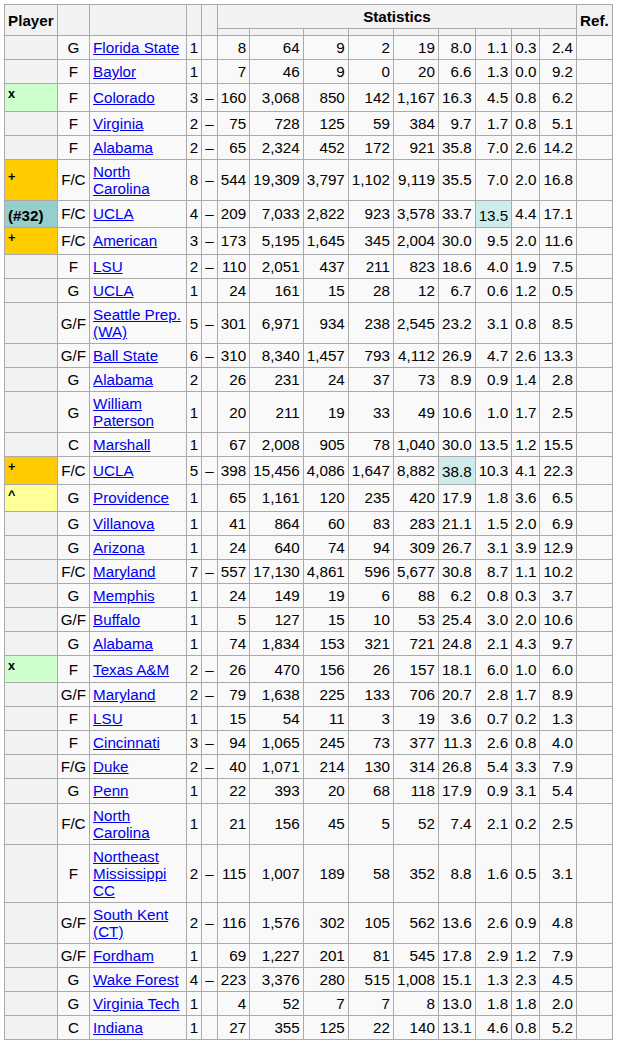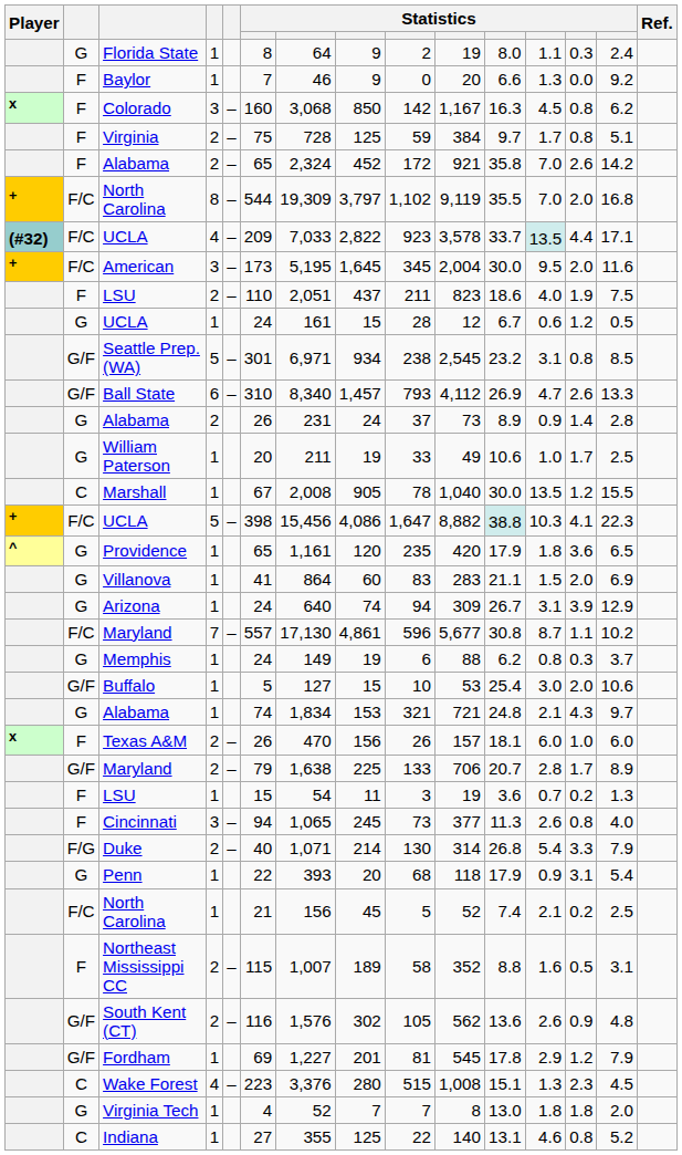 <table class="wikitable sortable" style="font-size:95%; text-align:right;">
 <tr>
 <th scope=col rowspan="2">Player</th>
 <th scope=col rowspan="2"></th>
 <th scope=col rowspan="2"></th>
 <th scope=col rowspan="2"></th>
 <th scope=col rowspan="2"></th>
 <th scope=colgroup colspan="9">Statistics</th>
 <th scope=col rowspan="2">Ref.</th>
 </tr>
 <tr>
 <th scope=col></th>
 <th scope=col></th>
 <th scope=col></th>
 <th scope=col></th>
 <th scope=col></th>
 <th scope=col></th>
 <th scope=col></th>
 <th scope=col></th>
 <th scope=col></th>
 </tr>
 <tr>
 <th scope=row style="text-align:left;"></th>
 <td align="center">G</td>
 <td align="left"><a href='#'>Florida State</a></td>
 <td align="center">1</td>
 <td align="center"></td>
 <td>8</td>
 <td>64</td>
 <td>9</td>
 <td>2</td>
 <td>19</td>
 <td>8.0</td>
 <td>1.1</td>
 <td>0.3</td>
 <td>2.4</td>
 <td align=center></td>
 </tr>
 <tr>
 <th scope=row style="text-align:left;"></th>
 <td align="center">F</td>
 <td align="left"><a href='#'>Baylor</a></td>
 <td align="center">1</td>
 <td align="center"></td>
 <td>7</td>
 <td>46</td>
 <td>9</td>
 <td>0</td>
 <td>20</td>
 <td>6.6</td>
 <td>1.3</td>
 <td>0.0</td>
 <td>9.2</td>
 <td align=center></td>
 </tr>
 <tr>
 <th scope=row style="text-align:left; background-color:#CCFFCC;"><sup>x</sup></th>
 <td align="center">F</td>
 <td align="left"><a href='#'>Colorado</a></td>
 <td align="center">3</td>
 <td align="center">–</td>
 <td>160</td>
 <td>3,068</td>
 <td>850</td>
 <td>142</td>
 <td>1,167</td>
 <td>16.3</td>
 <td>4.5</td>
 <td>0.8</td>
 <td>6.2</td>
 <td align=center></td>
 </tr>
 <tr>
 <th scope=row style="text-align:left;"></th>
 <td align="center">F</td>
 <td align="left"><a href='#'>Virginia</a></td>
 <td align="center">2</td>
 <td align="center">–</td>
 <td>75</td>
 <td>728</td>
 <td>125</td>
 <td>59</td>
 <td>384</td>
 <td>9.7</td>
 <td>1.7</td>
 <td>0.8</td>
 <td>5.1</td>
 <td align=center></td>
 </tr>
 <tr>
 <th scope=row style="text-align:left;"></th>
 <td align="center">F</td>
 <td align="left"><a href='#'>Alabama</a></td>
 <td align="center">2</td>
 <td align="center">–</td>
 <td>65</td>
 <td>2,324</td>
 <td>452</td>
 <td>172</td>
 <td>921</td>
 <td>35.8</td>
 <td>7.0</td>
 <td>2.6</td>
 <td>14.2</td>
 <td align=center></td>
 </tr>
 <tr>
 <th scope=row style="text-align:left; background-color:#FFCC00;"><sup>+</sup></th>
 <td align="center">F/C</td>
 <td align="left"><a href='#'>North Carolina</a></td>
 <td align="center">8</td>
 <td align="center">–</td>
 <td>544</td>
 <td>19,309</td>
 <td>3,797</td>
 <td>1,102</td>
 <td>9,119</td>
 <td>35.5</td>
 <td>7.0</td>
 <td>2.0</td>
 <td>16.8</td>
 <td align=center></td>
 </tr>
 <tr>
 <th scope=row style="text-align:left; background-color:#96CDCD;"><sup></sup> (#32)</th>
 <td align="center">F/C</td>
 <td align="left"><a href='#'>UCLA</a></td>
 <td align="center">4</td>
 <td align="center">–</td>
 <td>209</td>
 <td>7,033</td>
 <td>2,822</td>
 <td>923</td>
 <td>3,578</td>
 <td>33.7</td>
 <td bgcolor="#CFECEC">13.5<sup></sup></td>
 <td>4.4</td>
 <td>17.1</td>
 <td align=center></td>
 </tr>
 <tr>
 <th scope=row style="text-align:left; background-color:#FFCC00;"><sup>+</sup></th>
 <td align="center">F/C</td>
 <td align="left"><a href='#'>American</a></td>
 <td align="center">3</td>
 <td align="center">–</td>
 <td>173</td>
 <td>5,195</td>
 <td>1,645</td>
 <td>345</td>
 <td>2,004</td>
 <td>30.0</td>
 <td>9.5</td>
 <td>2.0</td>
 <td>11.6</td>
 <td align=center></td>
 </tr>
 <tr>
 <th scope=row style="text-align:left;"></th>
 <td align="center">F</td>
 <td align="left"><a href='#'>LSU</a></td>
 <td align="center">2</td>
 <td align="center">–</td>
 <td>110</td>
 <td>2,051</td>
 <td>437</td>
 <td>211</td>
 <td>823</td>
 <td>18.6</td>
 <td>4.0</td>
 <td>1.9</td>
 <td>7.5</td>
 <td align=center></td>
 </tr>
 <tr>
 <th scope=row style="text-align:left;"></th>
 <td align="center">G</td>
 <td align="left"><a href='#'>UCLA</a></td>
 <td align="center">1</td>
 <td align="center"></td>
 <td>24</td>
 <td>161</td>
 <td>15</td>
 <td>28</td>
 <td>12</td>
 <td>6.7</td>
 <td>0.6</td>
 <td>1.2</td>
 <td>0.5</td>
 <td align=center></td>
 </tr>
 <tr>
 <th scope=row style="text-align:left;"></th>
 <td align="center">G/F</td>
 <td align="left"><a href='#'>Seattle Prep. (WA)</a></td>
 <td align="center">5</td>
 <td align="center">–</td>
 <td>301</td>
 <td>6,971</td>
 <td>934</td>
 <td>238</td>
 <td>2,545</td>
 <td>23.2</td>
 <td>3.1</td>
 <td>0.8</td>
 <td>8.5</td>
 <td align=center></td>
 </tr>
 <tr>
 <th scope=row style="text-align:left;"></th>
 <td align="center">G/F</td>
 <td align="left"><a href='#'>Ball State</a></td>
 <td align="center">6</td>
 <td align="center">–</td>
 <td>310</td>
 <td>8,340</td>
 <td>1,457</td>
 <td>793</td>
 <td>4,112</td>
 <td>26.9</td>
 <td>4.7</td>
 <td>2.6</td>
 <td>13.3</td>
 <td align=center></td>
 </tr>
 <tr>
 <th scope=row style="text-align:left;"></th>
 <td align="center">G</td>
 <td align="left"><a href='#'>Alabama</a></td>
 <td align="center">2</td>
 <td align="center"><br></td>
 <td>26</td>
 <td>231</td>
 <td>24</td>
 <td>37</td>
 <td>73</td>
 <td>8.9</td>
 <td>0.9</td>
 <td>1.4</td>
 <td>2.8</td>
 <td align=center></td>
 </tr>
 <tr>
 <th scope=row style="text-align:left;"></th>
 <td align="center">G</td>
 <td align="left"><a href='#'>William Paterson</a></td>
 <td align="center">1</td>
 <td align="center"></td>
 <td>20</td>
 <td>211</td>
 <td>19</td>
 <td>33</td>
 <td>49</td>
 <td>10.6</td>
 <td>1.0</td>
 <td>1.7</td>
 <td>2.5</td>
 <td align=center></td>
 </tr>
 <tr>
 <th scope=row style="text-align:left;"></th>
 <td align="center">C</td>
 <td align="left"><a href='#'>Marshall</a></td>
 <td align="center">1</td>
 <td align="center"></td>
 <td>67</td>
 <td>2,008</td>
 <td>905</td>
 <td>78</td>
 <td>1,040</td>
 <td>30.0</td>
 <td>13.5</td>
 <td>1.2</td>
 <td>15.5</td>
 <td align=center></td>
 </tr>
 <tr>
 <th scope=row style="text-align:left; background-color:#FFCC00;"><sup>+</sup></th>
 <td align="center">F/C</td>
 <td align="left"><a href='#'>UCLA</a></td>
 <td align="center">5</td>
 <td align="center">–</td>
 <td>398</td>
 <td>15,456</td>
 <td>4,086</td>
 <td>1,647</td>
 <td>8,882</td>
 <td bgcolor="#CFECEC">38.8<sup></sup></td>
 <td>10.3</td>
 <td>4.1</td>
 <td>22.3</td>
 <td align=center></td>
 </tr>
 <tr>
 <th scope=row style="text-align:left; background-color:#FFFF99;"><sup>^</sup></th>
 <td align="center">G</td>
 <td align="left"><a href='#'>Providence</a></td>
 <td align="center">1</td>
 <td align="center"></td>
 <td>65</td>
 <td>1,161</td>
 <td>120</td>
 <td>235</td>
 <td>420</td>
 <td>17.9</td>
 <td>1.8</td>
 <td>3.6</td>
 <td>6.5</td>
 <td align=center></td>
 </tr>
 <tr>
 <th scope=row style="text-align:left;"></th>
 <td align="center">G</td>
 <td align="left"><a href='#'>Villanova</a></td>
 <td align="center">1</td>
 <td align="center"></td>
 <td>41</td>
 <td>864</td>
 <td>60</td>
 <td>83</td>
 <td>283</td>
 <td>21.1</td>
 <td>1.5</td>
 <td>2.0</td>
 <td>6.9</td>
 <td align=center></td>
 </tr>
 <tr>
 <th scope=row style="text-align:left;"></th>
 <td align="center">G</td>
 <td align="left"><a href='#'>Arizona</a></td>
 <td align="center">1</td>
 <td align="center"></td>
 <td>24</td>
 <td>640</td>
 <td>74</td>
 <td>94</td>
 <td>309</td>
 <td>26.7</td>
 <td>3.1</td>
 <td>3.9</td>
 <td>12.9</td>
 <td align=center></td>
 </tr>
 <tr>
 <th scope=row style="text-align:left;"></th>
 <td align="center">F/C</td>
 <td align="left"><a href='#'>Maryland</a></td>
 <td align="center">7</td>
 <td align="center">–</td>
 <td>557</td>
 <td>17,130</td>
 <td>4,861</td>
 <td>596</td>
 <td>5,677</td>
 <td>30.8</td>
 <td>8.7</td>
 <td>1.1</td>
 <td>10.2</td>
 <td align=center></td>
 </tr>
 <tr>
 <th scope=row style="text-align:left;"></th>
 <td align="center">G</td>
 <td align="left"><a href='#'>Memphis</a></td>
 <td align="center">1</td>
 <td align="center"></td>
 <td>24</td>
 <td>149</td>
 <td>19</td>
 <td>6</td>
 <td>88</td>
 <td>6.2</td>
 <td>0.8</td>
 <td>0.3</td>
 <td>3.7</td>
 <td align=center></td>
 </tr>
 <tr>
 <th scope=row style="text-align:left;"></th>
 <td align="center">G/F</td>
 <td align="left"><a href='#'>Buffalo</a></td>
 <td align="center">1</td>
 <td align="center"></td>
 <td>5</td>
 <td>127</td>
 <td>15</td>
 <td>10</td>
 <td>53</td>
 <td>25.4</td>
 <td>3.0</td>
 <td>2.0</td>
 <td>10.6</td>
 <td align=center></td>
 </tr>
 <tr>
 <th scope=row style="text-align:left;"></th>
 <td align="center">G</td>
 <td align="left"><a href='#'>Alabama</a></td>
 <td align="center">1</td>
 <td align="center"></td>
 <td>74</td>
 <td>1,834</td>
 <td>153</td>
 <td>321</td>
 <td>721</td>
 <td>24.8</td>
 <td>2.1</td>
 <td>4.3</td>
 <td>9.7</td>
 <td align=center></td>
 </tr>
 <tr>
 <th scope=row style="text-align:left; background-color:#CCFFCC;"><sup>x</sup></th>
 <td align="center">F</td>
 <td align="left"><a href='#'>Texas A&M</a></td>
 <td align="center">2</td>
 <td align="center">–</td>
 <td>26</td>
 <td>470</td>
 <td>156</td>
 <td>26</td>
 <td>157</td>
 <td>18.1</td>
 <td>6.0</td>
 <td>1.0</td>
 <td>6.0</td>
 <td align=center></td>
 </tr>
 <tr>
 <th scope=row style="text-align:left;"></th>
 <td align="center">G/F</td>
 <td align="left"><a href='#'>Maryland</a></td>
 <td align="center">2</td>
 <td align="center">–</td>
 <td>79</td>
 <td>1,638</td>
 <td>225</td>
 <td>133</td>
 <td>706</td>
 <td>20.7</td>
 <td>2.8</td>
 <td>1.7</td>
 <td>8.9</td>
 <td align=center></td>
 </tr>
 <tr>
 <th scope=row style="text-align:left;"></th>
 <td align="center">F</td>
 <td align="left"><a href='#'>LSU</a></td>
 <td align="center">1</td>
 <td align="center"></td>
 <td>15</td>
 <td>54</td>
 <td>11</td>
 <td>3</td>
 <td>19</td>
 <td>3.6</td>
 <td>0.7</td>
 <td>0.2</td>
 <td>1.3</td>
 <td align=center></td>
 </tr>
 <tr>
 <th scope=row style="text-align:left;"></th>
 <td align="center">F</td>
 <td align="left"><a href='#'>Cincinnati</a></td>
 <td align="center">3</td>
 <td align="center">–</td>
 <td>94</td>
 <td>1,065</td>
 <td>245</td>
 <td>73</td>
 <td>377</td>
 <td>11.3</td>
 <td>2.6</td>
 <td>0.8</td>
 <td>4.0</td>
 <td align=center></td>
 </tr>
 <tr>
 <th scope=row style="text-align:left;"></th>
 <td align="center">F/G</td>
 <td align="left"><a href='#'>Duke</a></td>
 <td align="center">2</td>
 <td align="center">–</td>
 <td>40</td>
 <td>1,071</td>
 <td>214</td>
 <td>130</td>
 <td>314</td>
 <td>26.8</td>
 <td>5.4</td>
 <td>3.3</td>
 <td>7.9</td>
 <td align=center></td>
 </tr>
 <tr>
 <th scope=row style="text-align:left;"></th>
 <td align="center">G</td>
 <td align="left"><a href='#'>Penn</a></td>
 <td align="center">1</td>
 <td align="center"></td>
 <td>22</td>
 <td>393</td>
 <td>20</td>
 <td>68</td>
 <td>118</td>
 <td>17.9</td>
 <td>0.9</td>
 <td>3.1</td>
 <td>5.4</td>
 <td align=center></td>
 </tr>
 <tr>
 <th scope=row style="text-align:left;"></th>
 <td align="center">F/C</td>
 <td align="left"><a href='#'>North Carolina</a></td>
 <td align="center">1</td>
 <td align="center"></td>
 <td>21</td>
 <td>156</td>
 <td>45</td>
 <td>5</td>
 <td>52</td>
 <td>7.4</td>
 <td>2.1</td>
 <td>0.2</td>
 <td>2.5</td>
 <td align=center></td>
 </tr>
 <tr>
 <th scope=row style="text-align:left;"></th>
 <td align="center">F</td>
 <td align="left"><a href='#'>Northeast Mississippi CC</a></td>
 <td align="center">2</td>
 <td align="center">–</td>
 <td>115</td>
 <td>1,007</td>
 <td>189</td>
 <td>58</td>
 <td>352</td>
 <td>8.8</td>
 <td>1.6</td>
 <td>0.5</td>
 <td>3.1</td>
 <td align=center></td>
 </tr>
 <tr>
 <th scope=row style="text-align:left;"></th>
 <td align="center">G/F</td>
 <td align="left"><a href='#'>South Kent (CT)</a></td>
 <td align="center">2</td>
 <td align="center">–</td>
 <td>116</td>
 <td>1,576</td>
 <td>302</td>
 <td>105</td>
 <td>562</td>
 <td>13.6</td>
 <td>2.6</td>
 <td>0.9</td>
 <td>4.8</td>
 <td align=center></td>
 </tr>
 <tr>
 <th scope=row style="text-align:left;"></th>
 <td align="center">G/F</td>
 <td align="left"><a href='#'>Fordham</a></td>
 <td align="center">1</td>
 <td align="center"></td>
 <td>69</td>
 <td>1,227</td>
 <td>201</td>
 <td>81</td>
 <td>545</td>
 <td>17.8</td>
 <td>2.9</td>
 <td>1.2</td>
 <td>7.9</td>
 <td align=center></td>
 </tr>
 <tr>
 <th scope=row style="text-align:left;"></th>
-<td align="center">G</td>
+<td align="center">C</td>
 <td align="left"><a href='#'>Wake Forest</a></td>
 <td align="center">4</td>
 <td align="center">–</td>
 <td>223</td>
 <td>3,376</td>
 <td>280</td>
 <td>515</td>
 <td>1,008</td>
 <td>15.1</td>
 <td>1.3</td>
 <td>2.3</td>
 <td>4.5</td>
 <td align=center></td>
 </tr>
 <tr>
 <th scope=row style="text-align:left;"></th>
 <td align="center">G</td>
 <td align="left"><a href='#'>Virginia Tech</a></td>
 <td align="center">1</td>
 <td align="center"></td>
 <td>4</td>
 <td>52</td>
 <td>7</td>
 <td>7</td>
 <td>8</td>
 <td>13.0</td>
 <td>1.8</td>
 <td>1.8</td>
 <td>2.0</td>
 <td align=center></td>
 </tr>
 <tr>
 <th scope=row style="text-align:left;"></th>
 <td align="center">C</td>
 <td align="left"><a href='#'>Indiana</a></td>
 <td align="center">1</td>
 <td align="center"></td>
 <td>27</td>
 <td>355</td>
 <td>125</td>
 <td>22</td>
 <td>140</td>
 <td>13.1</td>
 <td>4.6</td>
 <td>0.8</td>
 <td>5.2</td>
 <td align=center></td>
 </tr>
 </table>
